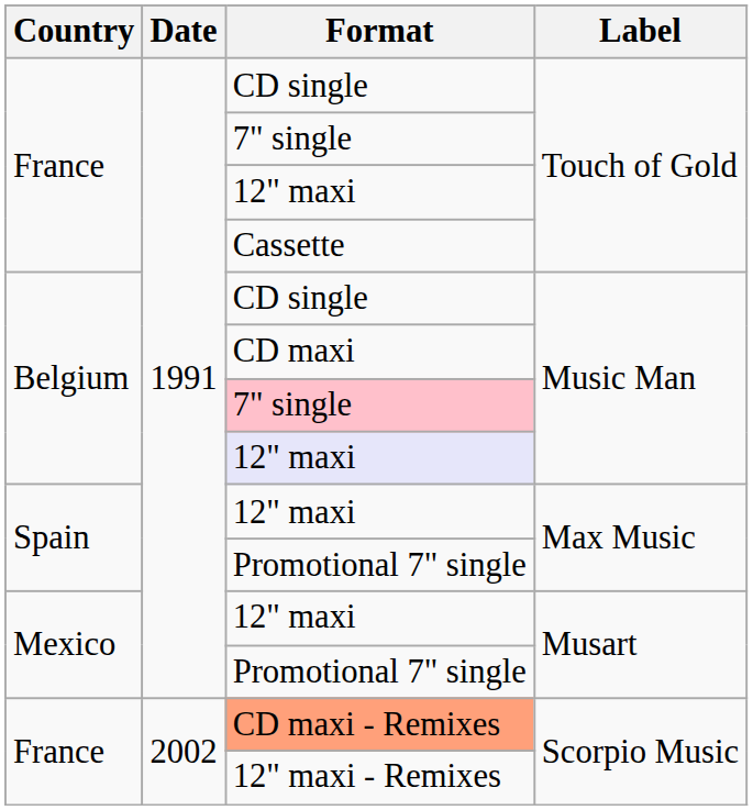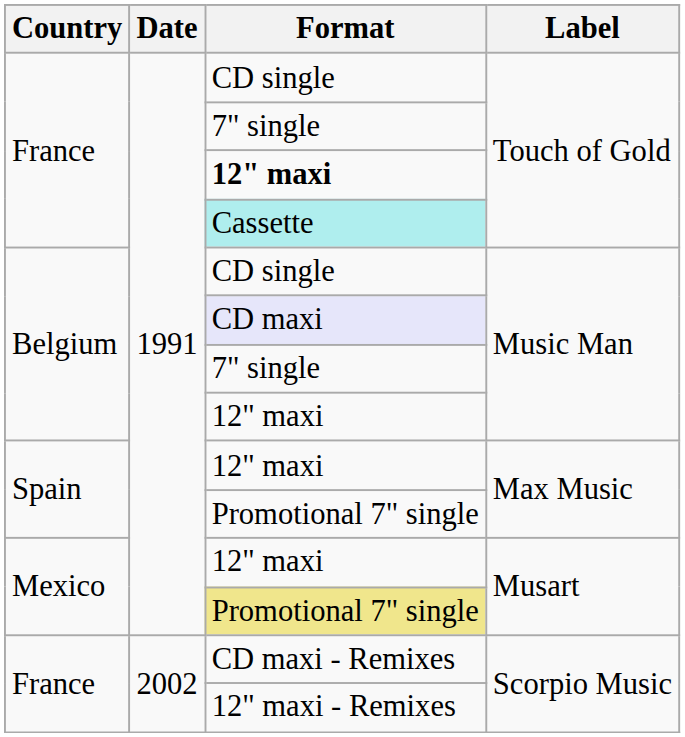 <table class=wikitable>
 <tr>
 <th>Country</th>
 <th>Date</th>
 <th>Format</th>
 <th>Label</th>
 </tr>
 <tr>
 <td rowspan="4">France</td>
 <td rowspan="12">1991</td>
 <td>CD single</td>
 <td rowspan="4">Touch of Gold</td>
 </tr>
 <tr>
 <td>7" single</td>
 </tr>
 <tr>
-<td>12" maxi</td>
+<td><strong>12" maxi</strong></td>
 </tr>
 <tr>
-<td>Cassette</td>
+<td style="background: paleturquoise;">Cassette</td>
 </tr>
 <tr>
 <td rowspan="4">Belgium</td>
 <td>CD single</td>
 <td rowspan="4">Music Man</td>
 </tr>
 <tr>
-<td>CD maxi</td>
+<td style="background: lavender;">CD maxi</td>
 </tr>
 <tr>
-<td style="background: pink;">7" single</td>
+<td>7" single</td>
 </tr>
 <tr>
-<td style="background: lavender;">12" maxi</td>
+<td>12" maxi</td>
 </tr>
 <tr>
 <td rowspan="2">Spain</td>
 <td>12" maxi</td>
 <td rowspan="2">Max Music</td>
 </tr>
 <tr>
 <td>Promotional 7" single</td>
 </tr>
 <tr>
 <td rowspan="2">Mexico</td>
 <td>12" maxi</td>
 <td rowspan="2">Musart</td>
 </tr>
 <tr>
-<td>Promotional 7" single</td>
+<td style="background: khaki;">Promotional 7" single</td>
 </tr>
 <tr>
 <td rowspan="2">France</td>
 <td rowspan="2">2002</td>
-<td style="background: lightsalmon;">CD maxi - Remixes</td>
+<td>CD maxi - Remixes</td>
 <td rowspan="2">Scorpio Music</td>
 </tr>
 <tr>
 <td>12" maxi - Remixes</td>
 </tr>
 <tr>
 </tr>
 </table>
